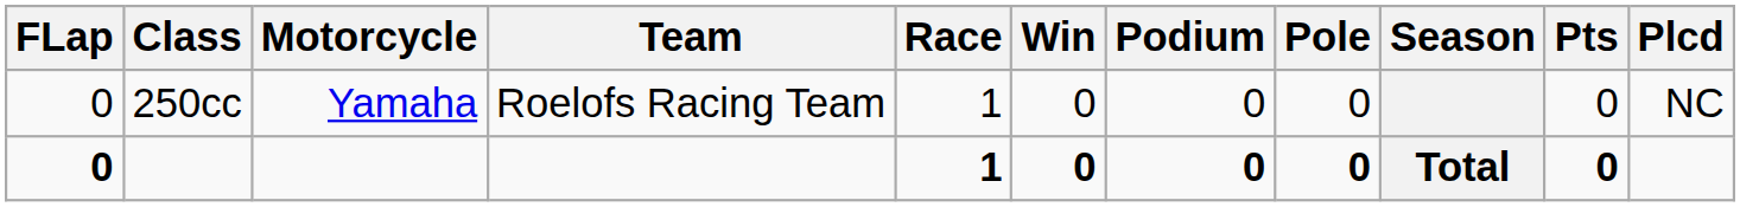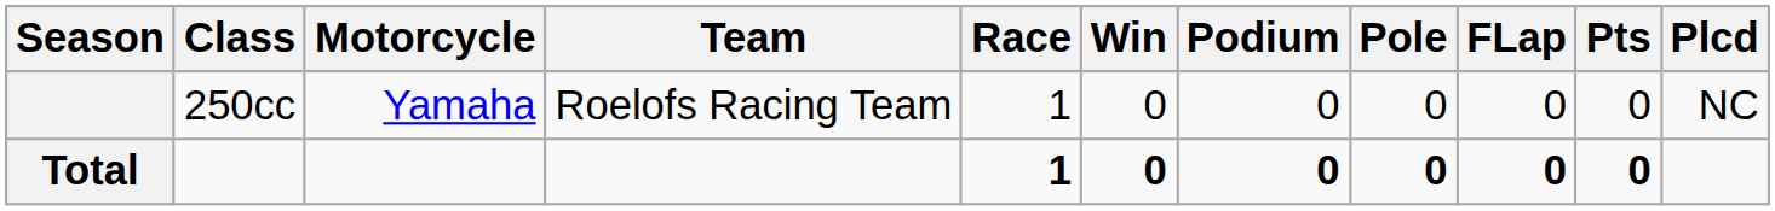 <table class="wikitable">
 <tr>
-<th>FLap</th>
+<th>Season</th>
 <th>Class</th>
 <th>Motorcycle</th>
 <th>Team</th>
 <th>Race</th>
 <th>Win</th>
 <th>Podium</th>
 <th>Pole</th>
-<th>Season</th>
+<th>FLap</th>
 <th>Pts</th>
 <th>Plcd</th>
 </tr>
 <tr align="right">
-<td>0</td>
+<th></th>
 <td>250cc</td>
 <td><a href='#'>Yamaha</a></td>
 <td>Roelofs Racing Team</td>
 <td>1</td>
 <td>0</td>
 <td>0</td>
 <td>0</td>
-<th></th>
+<td>0</td>
 <td>0</td>
 <td>NC</td>
 </tr>
 <tr align="right">
-<td><strong>0</strong></td>
+<th>Total</th>
 <td></td>
 <td></td>
 <td></td>
 <td><strong>1</strong></td>
 <td><strong>0</strong></td>
 <td><strong>0</strong></td>
 <td><strong>0</strong></td>
-<th>Total</th>
+<td><strong>0</strong></td>
 <td><strong>0</strong></td>
 <td></td>
 </tr>
 </table>
